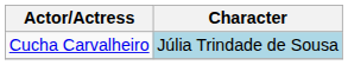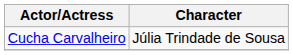 <table class="wikitable">
 <tr>
 <th>Actor/Actress</th>
 <th>Character</th>
 </tr>
 <tr>
 <td><a href='#'>Cucha Carvalheiro</a></td>
-<td style="background: lightblue;">Júlia Trindade de Sousa</td>
+<td>Júlia Trindade de Sousa</td>
 </tr>
 <tr>
 </tr>
 </table>
